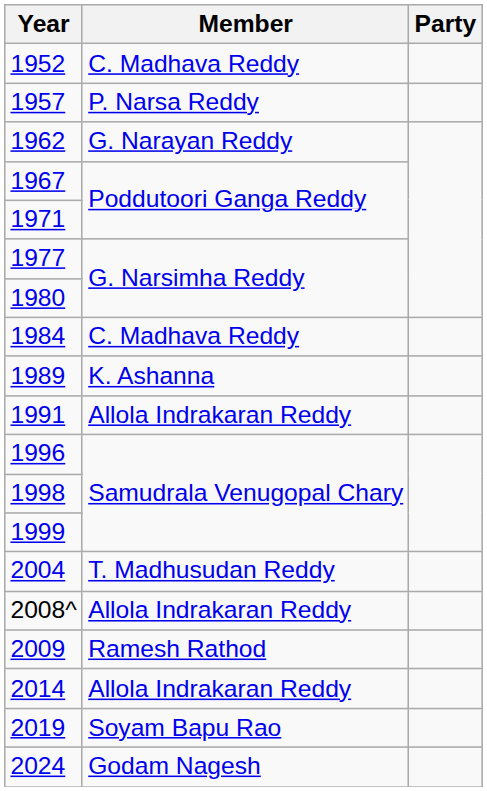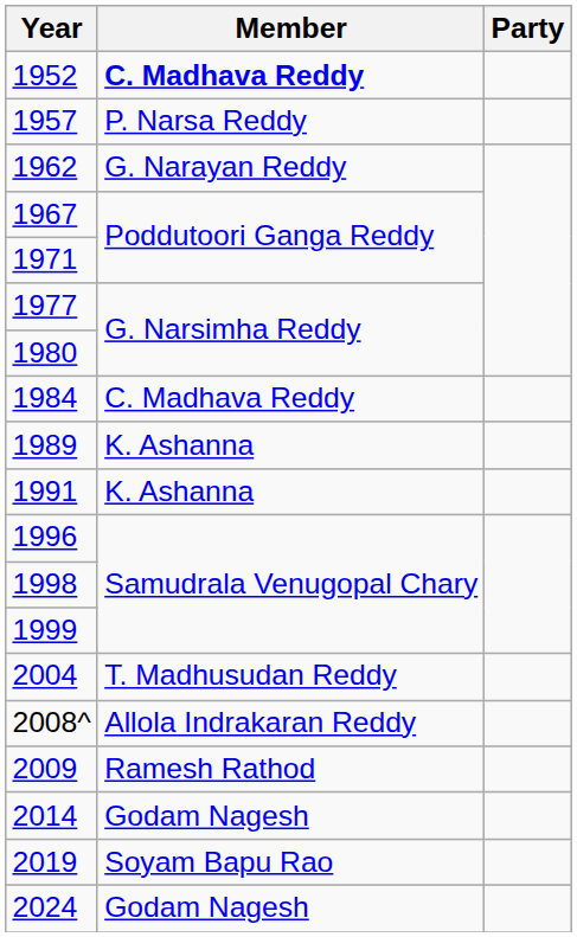 <table class="wikitable">
 <tr>
 <th>Year</th>
 <th>Member</th>
 <th colspan="2">Party</th>
 </tr>
 <tr>
 <td><a href='#'>1952</a></td>
-<td><a href='#'>C. Madhava Reddy</a></td>
+<td><strong><a href='#'>C. Madhava Reddy</a></strong></td>
 <td></td>
 </tr>
 <tr>
 <td><a href='#'>1957</a></td>
 <td><a href='#'>P. Narsa Reddy</a></td>
 <td></td>
 </tr>
 <tr>
 <td><a href='#'>1962</a></td>
 <td><a href='#'>G. Narayan Reddy</a></td>
 </tr>
 <tr>
 <td><a href='#'>1967</a></td>
 <td rowspan="2"><a href='#'>Poddutoori Ganga Reddy</a></td>
 </tr>
 <tr>
 <td><a href='#'>1971</a></td>
 </tr>
 <tr>
 <td><a href='#'>1977</a></td>
 <td rowspan="2"><a href='#'>G. Narsimha Reddy</a></td>
 </tr>
 <tr>
 <td><a href='#'>1980</a></td>
 </tr>
 <tr>
 <td><a href='#'>1984</a></td>
 <td><a href='#'>C. Madhava Reddy</a></td>
 <td></td>
 </tr>
 <tr>
 <td><a href='#'>1989</a></td>
 <td><a href='#'>K. Ashanna</a></td>
 <td></td>
 </tr>
 <tr>
 <td><a href='#'>1991</a></td>
-<td><a href='#'>Allola Indrakaran Reddy</a></td>
+<td><a href='#'>K. Ashanna</a></td>
 <td></td>
 </tr>
 <tr>
 <td><a href='#'>1996</a></td>
 <td rowspan="3"><a href='#'>Samudrala Venugopal Chary</a></td>
 </tr>
 <tr>
 <td><a href='#'>1998</a></td>
 </tr>
 <tr>
 <td><a href='#'>1999</a></td>
 </tr>
 <tr>
 <td><a href='#'>2004</a></td>
 <td><a href='#'>T. Madhusudan Reddy</a></td>
 <td></td>
 </tr>
 <tr>
 <td>2008^</td>
 <td><a href='#'>Allola Indrakaran Reddy</a></td>
 <td></td>
 </tr>
 <tr>
 <td><a href='#'>2009</a></td>
 <td><a href='#'>Ramesh Rathod</a></td>
 <td></td>
 </tr>
 <tr>
 <td><a href='#'>2014</a></td>
-<td><a href='#'>Allola Indrakaran Reddy</a></td>
+<td><a href='#'>Godam Nagesh</a></td>
 <td></td>
 </tr>
 <tr>
 <td><a href='#'>2019</a></td>
 <td><a href='#'>Soyam Bapu Rao</a></td>
 <td></td>
 </tr>
 <tr>
 <td><a href='#'> 2024</a></td>
 <td><a href='#'>Godam Nagesh</a></td>
 </tr>
 </table>
